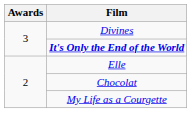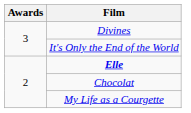 <table class="wikitable" style="text-align: center">
 <tr>
 <th scope="col" width="55">Awards</th>
 <th scope="col" align="center">Film</th>
 </tr>
 <tr>
 <td rowspan=2 style="text-align:center">3</td>
 <td><em><a href='#'>Divines</a></em></td>
 </tr>
 <tr>
-<td><strong><em><a href='#'>It's Only the End of the World</a></em></strong></td>
+<td><em><a href='#'>It's Only the End of the World</a></em></td>
 </tr>
 <tr>
 <td rowspan=3 style="text-align:center">2</td>
-<td><em><a href='#'>Elle</a></em></td>
+<td><strong><em><a href='#'>Elle</a></em></strong></td>
 </tr>
 <tr>
 <td><em><a href='#'>Chocolat</a></em></td>
 </tr>
 <tr>
 <td><em><a href='#'>My Life as a Courgette</a></em></td>
 </tr>
 </table>
